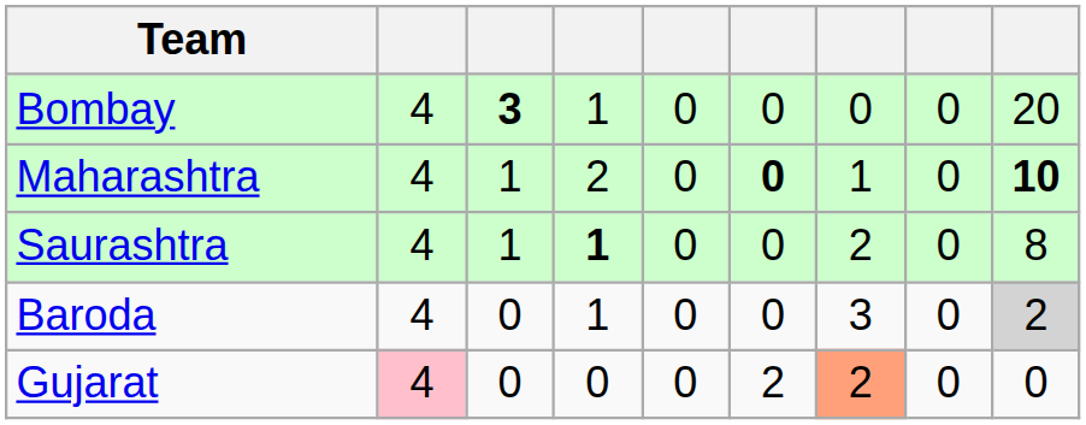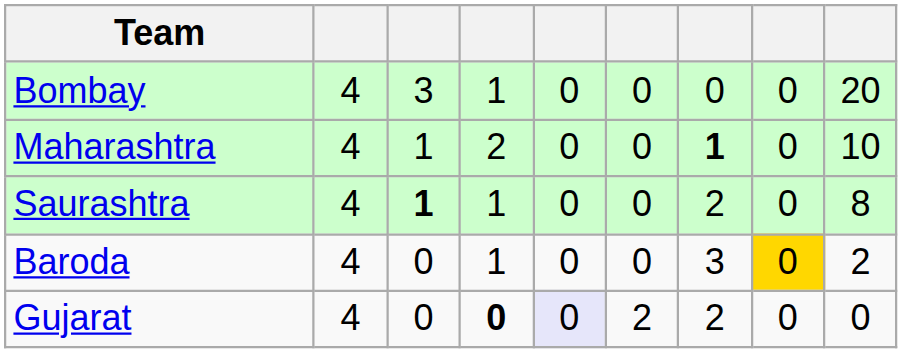 <table class="wikitable" style="text-align:center">
 <tr>
 <th style="width:130px">Team</th>
 <th style="width:25px"></th>
 <th style="width:25px"></th>
 <th style="width:25px"></th>
 <th style="width:25px"></th>
 <th style="width:25px"></th>
 <th style="width:25px"></th>
 <th style="width:25px"></th>
 <th style="width:25px"></th>
 </tr>
 <tr style="background:#cfc;">
 <td style="text-align:left"><a href='#'>Bombay</a></td>
 <td>4</td>
-<td><strong>3</strong></td>
+<td>3</td>
 <td>1</td>
 <td>0</td>
 <td>0</td>
 <td>0</td>
 <td>0</td>
 <td>20</td>
 </tr>
 <tr style="background:#cfc;">
 <td style="text-align:left"><a href='#'>Maharashtra</a></td>
 <td>4</td>
 <td>1</td>
 <td>2</td>
 <td>0</td>
-<td><strong>0</strong></td>
-<td>1</td>
 <td>0</td>
-<td><strong>10</strong></td>
+<td><strong>1</strong></td>
+<td>0</td>
+<td>10</td>
 </tr>
 <tr style="background:#cfc;">
 <td style="text-align:left"><a href='#'>Saurashtra</a></td>
 <td>4</td>
+<td><strong>1</strong></td>
 <td>1</td>
-<td><strong>1</strong></td>
 <td>0</td>
 <td>0</td>
 <td>2</td>
 <td>0</td>
 <td>8</td>
 </tr>
 <tr>
 <td style="text-align:left"><a href='#'>Baroda</a></td>
 <td>4</td>
 <td>0</td>
 <td>1</td>
 <td>0</td>
 <td>0</td>
 <td>3</td>
-<td>0</td>
-<td style="background: lightgrey;">2</td>
+<td style="background: gold;">0</td>
+<td>2</td>
 </tr>
 <tr>
 <td style="text-align:left"><a href='#'>Gujarat</a></td>
-<td style="background: pink;">4</td>
+<td>4</td>
 <td>0</td>
-<td>0</td>
-<td>0</td>
+<td><strong>0</strong></td>
+<td style="background: lavender;">0</td>
 <td>2</td>
-<td style="background: lightsalmon;">2</td>
+<td>2</td>
 <td>0</td>
 <td>0</td>
 </tr>
 </table>
